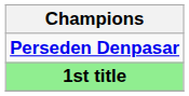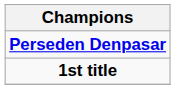 <table class="wikitable" style="text-align: center; margin: 0 auto;">
 <tr>
 <th>Champions</th>
 </tr>
 <tr>
 <td><strong><a href='#'>Perseden Denpasar</a></strong></td>
 </tr>
 <tr>
-<td style="background: lightgreen;"><strong>1st title</strong></td>
+<td><strong>1st title</strong></td>
 </tr>
 <tr>
 </tr>
 </table>
